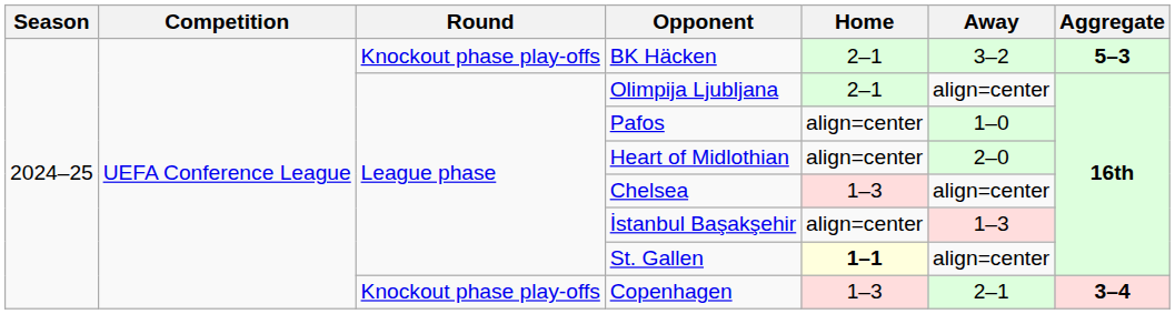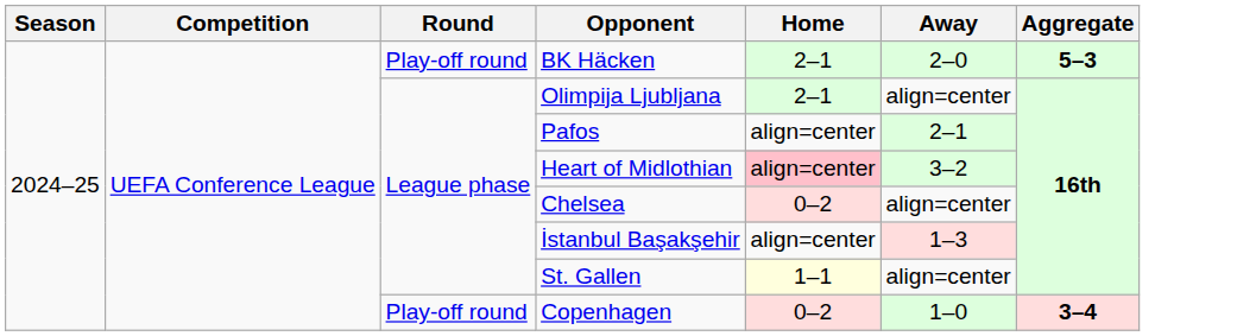 <table class="wikitable sortable">
 <tr>
 <th>Season</th>
 <th>Competition</th>
 <th>Round</th>
 <th>Opponent</th>
 <th>Home</th>
 <th>Away</th>
 <th>Aggregate</th>
 </tr>
 <tr>
 <td rowspan="8">2024–25</td>
 <td rowspan="8"><a href='#'>UEFA Conference League</a></td>
-<td><a href='#'>Knockout phase play-offs</a></td>
+<td><a href='#'>Play-off round</a></td>
 <td> <a href='#'>BK Häcken</a></td>
 <td style="text-align:center;" bgcolor="#ddffdd">2–1</td>
-<td style="text-align:center;" bgcolor="#ddffdd">3–2</td>
+<td style="text-align:center;" bgcolor="#ddffdd">2–0</td>
 <td style="text-align:center;" bgcolor="#ddffdd"><strong>5–3</strong></td>
 </tr>
 <tr>
 <td rowspan="6"><a href='#'>League phase</a></td>
 <td> <a href='#'>Olimpija Ljubljana</a></td>
 <td style="text-align:center;" bgcolor="#DDFFDD">2–1</td>
 <td>align=center </td>
 <td rowspan="6" style="text-align:center;" bgcolor="#ddffdd"><strong>16th</strong></td>
 </tr>
 <tr>
 <td> <a href='#'>Pafos</a></td>
 <td>align=center </td>
-<td style="text-align:center;" bgcolor="#ddffdd">1–0</td>
+<td style="text-align:center;" bgcolor="#ddffdd">2–1</td>
 </tr>
 <tr>
 <td> <a href='#'>Heart of Midlothian</a></td>
-<td>align=center </td>
-<td style="text-align:center;" bgcolor="#ddffdd">2–0</td>
+<td style="background: pink;">align=center </td>
+<td style="text-align:center;" bgcolor="#ddffdd">3–2</td>
 </tr>
 <tr>
 <td> <a href='#'>Chelsea</a></td>
-<td style="text-align:center;" bgcolor="#ffdddd">1–3 </td>
+<td style="text-align:center;" bgcolor="#ffdddd">0–2</td>
 <td>align=center </td>
 </tr>
 <tr>
 <td> <a href='#'>İstanbul Başakşehir</a></td>
 <td>align=center </td>
 <td style="text-align:center;" bgcolor="#ffdddd">1–3</td>
 </tr>
 <tr>
 <td> <a href='#'>St. Gallen</a></td>
-<td style="text-align:center; background:#ffffdd;"><strong>1–1</strong></td>
+<td style="text-align:center; background:#ffffdd;">1–1</td>
 <td>align=center </td>
 </tr>
 <tr>
-<td><a href='#'>Knockout phase play-offs</a></td>
+<td><a href='#'>Play-off round</a></td>
 <td> <a href='#'>Copenhagen</a></td>
-<td style="text-align:center;" bgcolor="#ffdddd">1–3 </td>
-<td style="text-align:center;" bgcolor="#ddffdd">2–1</td>
+<td style="text-align:center;" bgcolor="#ffdddd">0–2</td>
+<td style="text-align:center;" bgcolor="#ddffdd">1–0</td>
 <td style="text-align:center;" bgcolor="#ffdddd"><strong>3–4</strong></td>
 </tr>
 </table>
